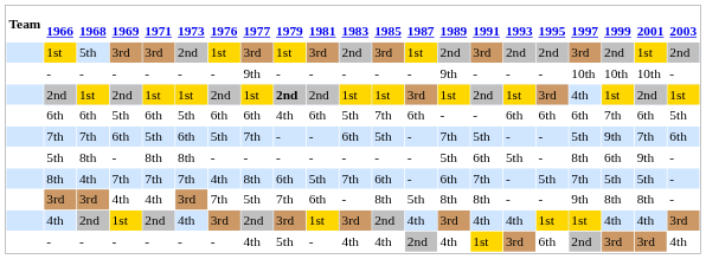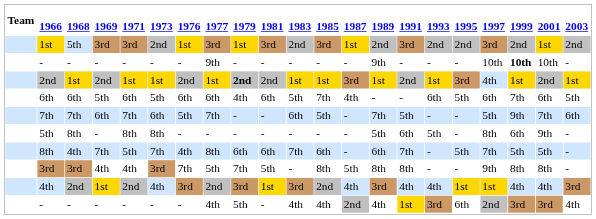 <table border="0" cellspacing="1" cellpadding="3" style="border: 1px solid #aaaaaa;">
 <tr bgcolor=>
 <td><strong>Team</strong></td>
 <td><strong><br><a href='#'>1966</a></strong></td>
 <td><strong><br><a href='#'>1968</a></strong></td>
 <td><strong><br><a href='#'>1969</a></strong></td>
 <td><strong><br><a href='#'>1971</a></strong></td>
 <td><strong><br><a href='#'>1973</a></strong></td>
 <td><strong><br><a href='#'>1976</a></strong></td>
 <td><strong><br><a href='#'>1977</a></strong></td>
 <td><strong><br><a href='#'>1979</a></strong></td>
 <td><strong><br><a href='#'>1981</a></strong></td>
 <td><strong><br><a href='#'>1983</a></strong></td>
 <td><strong><br><a href='#'>1985</a></strong></td>
 <td><strong><br><a href='#'>1987</a></strong></td>
 <td><strong><br><a href='#'>1989</a></strong></td>
 <td><strong><br><a href='#'>1991</a></strong></td>
 <td><strong><br><a href='#'>1993</a></strong></td>
 <td><strong><br><a href='#'>1995</a></strong></td>
 <td><strong><br><a href='#'>1997</a></strong></td>
 <td><strong><br><a href='#'>1999</a></strong></td>
 <td><strong><br><a href='#'>2001</a></strong></td>
 <td><strong><br><a href='#'>2003</a></strong></td>
 </tr>
 <tr bgcolor=#D0E6FF>
 <td></td>
 <td bgcolor=gold>1st</td>
 <td>5th</td>
 <td bgcolor=#cc9966>3rd</td>
 <td bgcolor=#cc9966>3rd</td>
 <td bgcolor=silver>2nd</td>
 <td bgcolor=gold>1st</td>
 <td bgcolor=#cc9966>3rd</td>
 <td bgcolor=gold>1st</td>
 <td bgcolor=#cc9966>3rd</td>
 <td bgcolor=silver>2nd</td>
 <td bgcolor=#cc9966>3rd</td>
 <td bgcolor=gold>1st</td>
 <td bgcolor=silver>2nd</td>
 <td bgcolor=#cc9966>3rd</td>
 <td bgcolor=silver>2nd</td>
 <td bgcolor=silver>2nd</td>
 <td bgcolor=#cc9966>3rd</td>
 <td bgcolor=silver>2nd</td>
 <td bgcolor=gold>1st</td>
 <td bgcolor=silver>2nd</td>
 </tr>
 <tr bgcolor=#FFFFFF>
 <td></td>
 <td>-</td>
 <td>-</td>
 <td>-</td>
 <td>-</td>
 <td>-</td>
 <td>-</td>
 <td>9th</td>
 <td>-</td>
 <td>-</td>
 <td>-</td>
 <td>-</td>
 <td>-</td>
 <td>9th</td>
 <td>-</td>
 <td>-</td>
 <td>-</td>
 <td>10th</td>
-<td>10th</td>
+<td><strong>10th</strong></td>
 <td>10th</td>
 <td>-</td>
 </tr>
 <tr bgcolor=#D0E6FF>
 <td></td>
 <td bgcolor=silver>2nd</td>
 <td bgcolor=gold>1st</td>
 <td bgcolor=silver>2nd</td>
 <td bgcolor=gold>1st</td>
 <td bgcolor=gold>1st</td>
 <td bgcolor=silver>2nd</td>
 <td bgcolor=gold>1st</td>
 <td bgcolor=silver><strong>2nd</strong></td>
 <td bgcolor=silver>2nd</td>
 <td bgcolor=gold>1st</td>
 <td bgcolor=gold>1st</td>
 <td bgcolor=#cc9966>3rd</td>
 <td bgcolor=gold>1st</td>
 <td bgcolor=silver>2nd</td>
 <td bgcolor=gold>1st</td>
 <td bgcolor=#cc9966>3rd</td>
 <td>4th</td>
 <td bgcolor=gold>1st</td>
 <td bgcolor=silver>2nd</td>
 <td bgcolor=gold>1st</td>
 </tr>
 <tr bgcolor=#FFFFFF>
 <td></td>
 <td>6th</td>
 <td>6th</td>
 <td>5th</td>
 <td>6th</td>
 <td>5th</td>
 <td>6th</td>
 <td>6th</td>
 <td>4th</td>
 <td>6th</td>
 <td>5th</td>
 <td>7th</td>
-<td>6th</td>
+<td>4th</td>
 <td>-</td>
 <td>-</td>
 <td>6th</td>
-<td>6th</td>
+<td>5th</td>
 <td>6th</td>
 <td>7th</td>
 <td>6th</td>
 <td>5th</td>
 </tr>
 <tr bgcolor=#D0E6FF>
 <td></td>
 <td>7th</td>
 <td>7th</td>
 <td>6th</td>
-<td>5th</td>
+<td>7th</td>
 <td>6th</td>
 <td>5th</td>
 <td>7th</td>
 <td>-</td>
 <td>-</td>
 <td>6th</td>
 <td>5th</td>
 <td>-</td>
 <td>7th</td>
 <td>5th</td>
 <td>-</td>
 <td>-</td>
 <td>5th</td>
 <td>9th</td>
 <td>7th</td>
 <td>6th</td>
 </tr>
 <tr bgcolor=#FFFFFF>
 <td></td>
 <td>5th</td>
 <td>8th</td>
 <td>-</td>
 <td>8th</td>
 <td>8th</td>
 <td>-</td>
 <td>-</td>
 <td>-</td>
 <td>-</td>
 <td>-</td>
 <td>-</td>
 <td>-</td>
 <td>5th</td>
 <td>6th</td>
 <td>5th</td>
 <td>-</td>
 <td>8th</td>
 <td>6th</td>
 <td>9th</td>
 <td>-</td>
 </tr>
 <tr bgcolor=#D0E6FF>
 <td></td>
 <td>8th</td>
 <td>4th</td>
 <td>7th</td>
-<td>7th</td>
+<td>5th</td>
 <td>7th</td>
 <td>4th</td>
 <td>8th</td>
 <td>6th</td>
-<td>5th</td>
+<td>6th</td>
 <td>7th</td>
 <td>6th</td>
 <td>-</td>
 <td>6th</td>
 <td>7th</td>
 <td>-</td>
 <td>5th</td>
 <td>7th</td>
 <td>5th</td>
 <td>5th</td>
 <td>-</td>
 </tr>
 <tr bgcolor=#FFFFFF>
 <td></td>
 <td bgcolor=#cc9966>3rd</td>
 <td bgcolor=#cc9966>3rd</td>
 <td>4th</td>
 <td>4th</td>
 <td bgcolor=#cc9966>3rd</td>
 <td>7th</td>
 <td>5th</td>
 <td>7th</td>
-<td>6th</td>
+<td>5th</td>
 <td>-</td>
 <td>8th</td>
 <td>5th</td>
 <td>8th</td>
 <td>8th</td>
 <td>-</td>
 <td>-</td>
 <td>9th</td>
 <td>8th</td>
 <td>8th</td>
 <td>-</td>
 </tr>
 <tr bgcolor=#D0E6FF>
 <td></td>
 <td>4th</td>
 <td bgcolor=silver>2nd</td>
 <td bgcolor=gold>1st</td>
 <td bgcolor=silver>2nd</td>
 <td>4th</td>
 <td bgcolor=#cc9966>3rd</td>
 <td bgcolor=silver>2nd</td>
 <td bgcolor=#cc9966>3rd</td>
 <td bgcolor=gold>1st</td>
 <td bgcolor=#cc9966>3rd</td>
 <td bgcolor=silver>2nd</td>
 <td>4th</td>
 <td bgcolor=#cc9966>3rd</td>
 <td>4th</td>
 <td>4th</td>
 <td bgcolor=gold>1st</td>
 <td bgcolor=gold>1st</td>
 <td>4th</td>
 <td>4th</td>
 <td bgcolor=#cc9966>3rd</td>
 </tr>
 <tr bgcolor=#FFFFFF>
 <td></td>
 <td>-</td>
 <td>-</td>
 <td>-</td>
 <td>-</td>
 <td>-</td>
 <td>-</td>
 <td>4th</td>
 <td>5th</td>
 <td>-</td>
 <td>4th</td>
 <td>4th</td>
 <td bgcolor=silver>2nd</td>
 <td>4th</td>
 <td bgcolor=gold>1st</td>
 <td bgcolor=#cc9966>3rd</td>
 <td>6th</td>
 <td bgcolor=silver>2nd</td>
 <td bgcolor=#cc9966>3rd</td>
 <td bgcolor=#cc9966>3rd</td>
 <td>4th</td>
 </tr>
 <tr bgcolor=#D0E6FF>
 </tr>
 </table>
